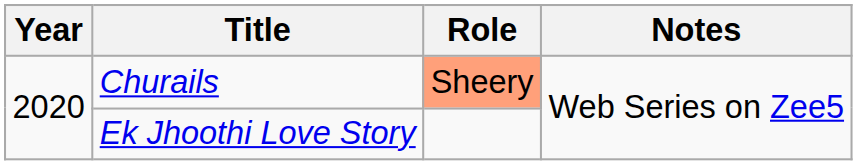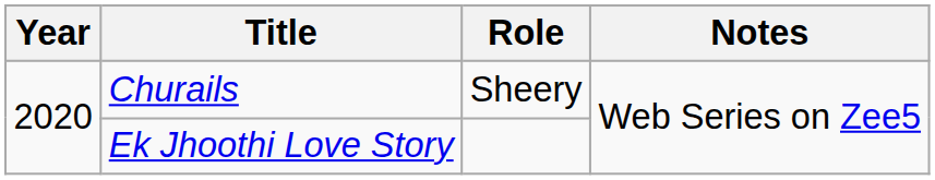 <table class="wikitable sortable">
 <tr>
 <th>Year</th>
 <th>Title</th>
 <th>Role</th>
 <th>Notes</th>
 </tr>
 <tr>
 <td rowspan="2">2020</td>
 <td><em><a href='#'>Churails</a></em></td>
-<td style="background: lightsalmon;">Sheery</td>
+<td>Sheery</td>
 <td rowspan="2">Web Series on <a href='#'>Zee5</a></td>
 </tr>
 <tr>
 <td><em><a href='#'>Ek Jhoothi Love Story</a></em></td>
 <td></td>
 </tr>
 </table>
